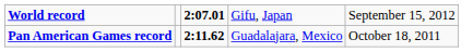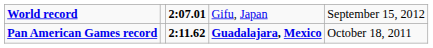 <table class="wikitable">
 <tr>
 <td><strong><a href='#'>World record</a></strong></td>
 <td></td>
 <td><strong>2:07.01</strong></td>
 <td><a href='#'>Gifu</a>, <a href='#'>Japan</a></td>
 <td>September 15, 2012</td>
 </tr>
 <tr>
 <td><strong><a href='#'>Pan American Games record</a></strong></td>
 <td></td>
 <td><strong>2:11.62</strong></td>
-<td><a href='#'>Guadalajara</a>, <a href='#'>Mexico</a></td>
+<td><strong><a href='#'>Guadalajara</a>, <a href='#'>Mexico</a></strong></td>
 <td>October 18, 2011</td>
 </tr>
 </table>
